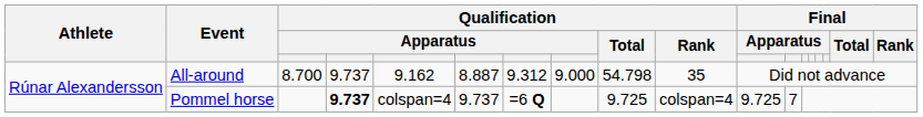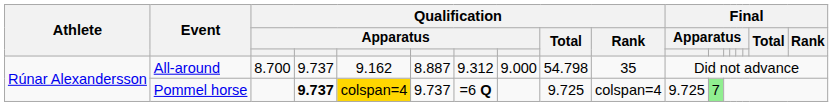 <table class="wikitable" style="font-size:90%">
 <tr>
 <th rowspan=3>Athlete</th>
 <th rowspan=3>Event</th>
 <th colspan =8>Qualification</th>
 <th colspan =8>Final</th>
 </tr>
 <tr style="font-size:95%">
 <th colspan=6>Apparatus</th>
 <th rowspan=2>Total</th>
 <th rowspan=2>Rank</th>
 <th colspan=6>Apparatus</th>
 <th rowspan=2>Total</th>
 <th rowspan=2>Rank</th>
 </tr>
 <tr style="font-size:95%">
 <th></th>
 <th></th>
 <th></th>
 <th></th>
 <th></th>
 <th></th>
 <th></th>
 <th></th>
 <th></th>
 <th></th>
 <th></th>
 <th></th>
 </tr>
 <tr align=center>
 <td align=left rowspan=2><a href='#'>Rúnar Alexandersson</a></td>
 <td align=left><a href='#'>All-around</a></td>
 <td>8.700</td>
 <td>9.737</td>
 <td>9.162</td>
 <td>8.887</td>
 <td>9.312</td>
 <td>9.000</td>
 <td>54.798</td>
 <td>35</td>
 <td colspan=8>Did not advance</td>
 </tr>
 <tr align=center>
 <td align=left><a href='#'>Pommel horse</a></td>
 <td></td>
 <td><strong>9.737</strong></td>
-<td>colspan=4 </td>
+<td style="background: gold;">colspan=4 </td>
 <td>9.737</td>
 <td>=6 <strong>Q</strong></td>
 <td></td>
 <td>9.725</td>
 <td>colspan=4 </td>
 <td>9.725</td>
-<td>7</td>
+<td style="background: lightgreen;">7</td>
 </tr>
 </table>
